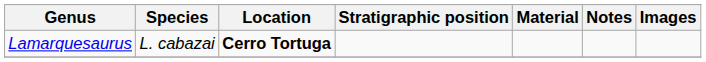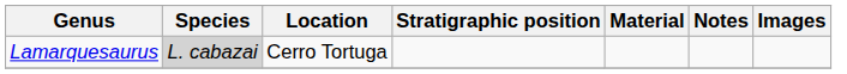 <table class="wikitable" align="center">
 <tr>
 </tr>
 <tr>
 <th>Genus</th>
 <th>Species</th>
 <th>Location</th>
 <th>Stratigraphic position</th>
 <th>Material</th>
 <th>Notes</th>
 <th>Images</th>
 </tr>
 <tr>
 <td><em><a href='#'>Lamarquesaurus</a></em></td>
-<td><em>L. cabazai</em></td>
-<td><strong>Cerro Tortuga</strong></td>
+<td style="background: lightgrey;"><em>L. cabazai</em></td>
+<td>Cerro Tortuga</td>
 <td></td>
 <td></td>
 <td align=center></td>
 <td></td>
 </tr>
 <tr>
 </tr>
 </table>
